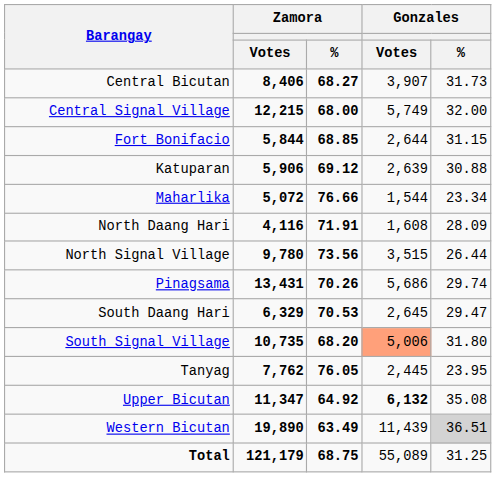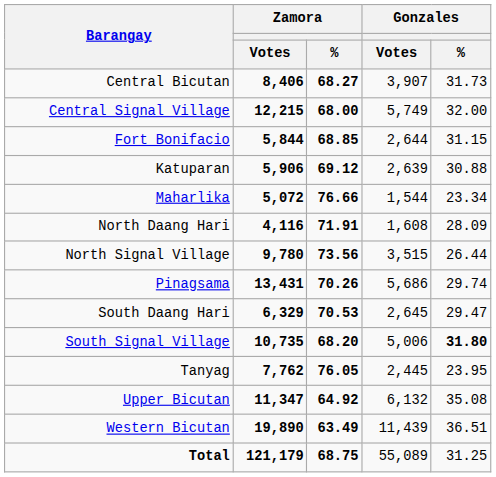 <table class="wikitable collapsible collapsed" style="text-align:right; font-size:95%; line-height:20px;">
 <tr>
 <th rowspan="3" width="200"><a href='#'>Barangay</a></th>
 <th colspan="2" width="110">Zamora</th>
 <th colspan="2" width="110">Gonzales</th>
 </tr>
 <tr>
 <th colspan="2" style="background:"></th>
 <th colspan="2" style="background:"></th>
 </tr>
 <tr>
 <th>Votes</th>
 <th>%</th>
 <th>Votes</th>
 <th>%</th>
 </tr>
 <tr>
 <td>Central Bicutan</td>
 <td style="background:#"><strong>8,406</strong></td>
 <td style="background:#"><strong>68.27</strong></td>
 <td>3,907</td>
 <td>31.73</td>
 </tr>
 <tr>
 <td><a href='#'>Central Signal Village</a></td>
 <td style="background:#"><strong>12,215</strong></td>
 <td style="background:#"><strong>68.00</strong></td>
 <td>5,749</td>
 <td>32.00</td>
 </tr>
 <tr>
 <td><a href='#'>Fort Bonifacio</a></td>
 <td style="background:#"><strong>5,844</strong></td>
 <td style="background:#"><strong>68.85</strong></td>
 <td>2,644</td>
 <td>31.15</td>
 </tr>
 <tr>
 <td>Katuparan</td>
 <td style="background:#"><strong>5,906</strong></td>
 <td style="background:#"><strong>69.12</strong></td>
 <td>2,639</td>
 <td>30.88</td>
 </tr>
 <tr>
 <td><a href='#'>Maharlika</a></td>
 <td style="background:#"><strong>5,072</strong></td>
 <td style="background:#"><strong>76.66</strong></td>
 <td>1,544</td>
 <td>23.34</td>
 </tr>
 <tr>
 <td>North Daang Hari</td>
 <td style="background:#"><strong>4,116</strong></td>
 <td style="background:#"><strong>71.91</strong></td>
 <td>1,608</td>
 <td>28.09</td>
 </tr>
 <tr>
 <td>North Signal Village</td>
 <td style="background:#"><strong>9,780</strong></td>
 <td style="background:#"><strong>73.56</strong></td>
 <td>3,515</td>
 <td>26.44</td>
 </tr>
 <tr>
 <td><a href='#'>Pinagsama</a></td>
 <td style="background:#"><strong>13,431</strong></td>
 <td style="background:#"><strong>70.26</strong></td>
 <td>5,686</td>
 <td>29.74</td>
 </tr>
 <tr>
 <td>South Daang Hari</td>
 <td style="background:#"><strong>6,329</strong></td>
 <td style="background:#"><strong>70.53</strong></td>
 <td>2,645</td>
 <td>29.47</td>
 </tr>
 <tr>
 <td><a href='#'>South Signal Village</a></td>
 <td style="background:#"><strong>10,735</strong></td>
 <td style="background:#"><strong>68.20</strong></td>
-<td style="background: lightsalmon;">5,006</td>
-<td>31.80</td>
+<td>5,006</td>
+<td><strong>31.80</strong></td>
 </tr>
 <tr>
 <td>Tanyag</td>
 <td style="background:#"><strong>7,762</strong></td>
 <td style="background:#"><strong>76.05</strong></td>
 <td>2,445</td>
 <td>23.95</td>
 </tr>
 <tr>
 <td><a href='#'>Upper Bicutan</a></td>
 <td style="background:#"><strong>11,347</strong></td>
 <td style="background:#"><strong>64.92</strong></td>
-<td><strong>6,132</strong></td>
+<td>6,132</td>
 <td>35.08</td>
 </tr>
 <tr>
 <td><a href='#'>Western Bicutan</a></td>
 <td style="background:#"><strong>19,890</strong></td>
 <td style="background:#"><strong>63.49</strong></td>
 <td>11,439</td>
-<td style="background: lightgrey;">36.51</td>
+<td>36.51</td>
 </tr>
 <tr>
 <td><strong>Total</strong></td>
 <td style="background:#"><strong>121,179</strong></td>
 <td style="background:#"><strong>68.75</strong></td>
 <td>55,089</td>
 <td>31.25</td>
 </tr>
 </table>
